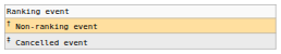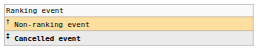 <table class="wikitable" style="font-size:90%; width:25%;">
 <tr>
 <td>Ranking event</td>
 </tr>
 <tr style="background:#ffdf9f;">
 <td><sup>†</sup> Non-ranking event</td>
 </tr>
 <tr style="background:#ebebeb;">
-<td><sup>‡</sup> Cancelled event</td>
+<td><strong><sup>‡</sup> Cancelled event</strong></td>
 </tr>
 </table>
